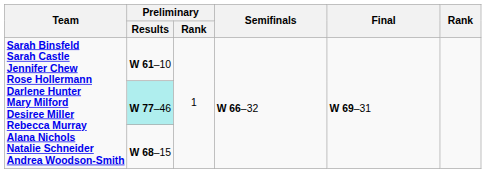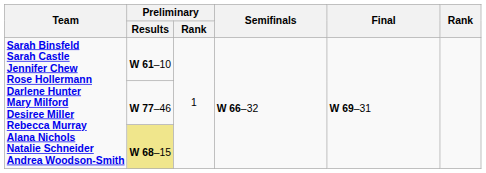 <table class="wikitable" style="text-align:left; font-size:90%">
 <tr>
 <th rowspan=2>Team</th>
 <th colspan=2>Preliminary</th>
 <th rowspan=2 width=150>Semifinals</th>
 <th rowspan=2 width=150>Final</th>
 <th rowspan=2 width=50>Rank</th>
 </tr>
 <tr>
 <th>Results</th>
 <th width=50>Rank</th>
 </tr>
 <tr>
 <td rowspan=3><strong><a href='#'>Sarah Binsfeld</a><br><a href='#'>Sarah Castle</a><br><a href='#'>Jennifer Chew</a><br><a href='#'>Rose Hollermann</a><br><a href='#'>Darlene Hunter</a><br><a href='#'>Mary Milford</a><br><a href='#'>Desiree Miller</a><br><a href='#'>Rebecca Murray</a><br><a href='#'>Alana Nichols</a><br><a href='#'>Natalie Schneider</a><br><a href='#'>Andrea Woodson-Smith</a></strong></td>
 <td><br><strong>W</strong> <strong>61</strong>–10</td>
 <td rowspan=3 align=center>1</td>
 <td rowspan=3> <br><strong>W</strong> <strong>66</strong>–32</td>
 <td rowspan=3> <br><strong>W</strong> <strong>69</strong>–31</td>
 <td rowspan=3 align=center></td>
 </tr>
 <tr>
-<td style="background: paleturquoise;"><br><strong>W</strong> <strong>77</strong>–46</td>
+<td><br><strong>W</strong> <strong>77</strong>–46</td>
 </tr>
 <tr>
-<td><br><strong>W</strong> <strong>68</strong>–15</td>
+<td style="background: khaki;"><br><strong>W</strong> <strong>68</strong>–15</td>
 </tr>
 </table>
